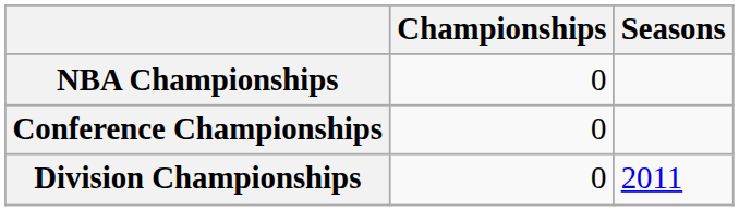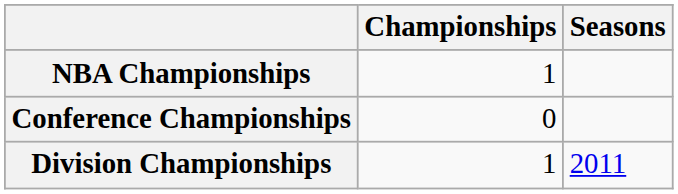 <table class="wikitable">
 <tr>
 <th scope="col"></th>
 <th scope="col">Championships</th>
 <th scope="col">Seasons</th>
 </tr>
 <tr>
 <th scope="row">NBA Championships</th>
-<td style="text-align:right">0</td>
+<td style="text-align:right">1</td>
 <td></td>
 </tr>
 <tr>
 <th scope="row">Conference Championships</th>
 <td style="text-align:right">0</td>
 <td></td>
 </tr>
 <tr>
 <th scope="row">Division Championships</th>
-<td style="text-align:right">0</td>
+<td style="text-align:right">1</td>
 <td><a href='#'>2011</a></td>
 </tr>
 </table>
